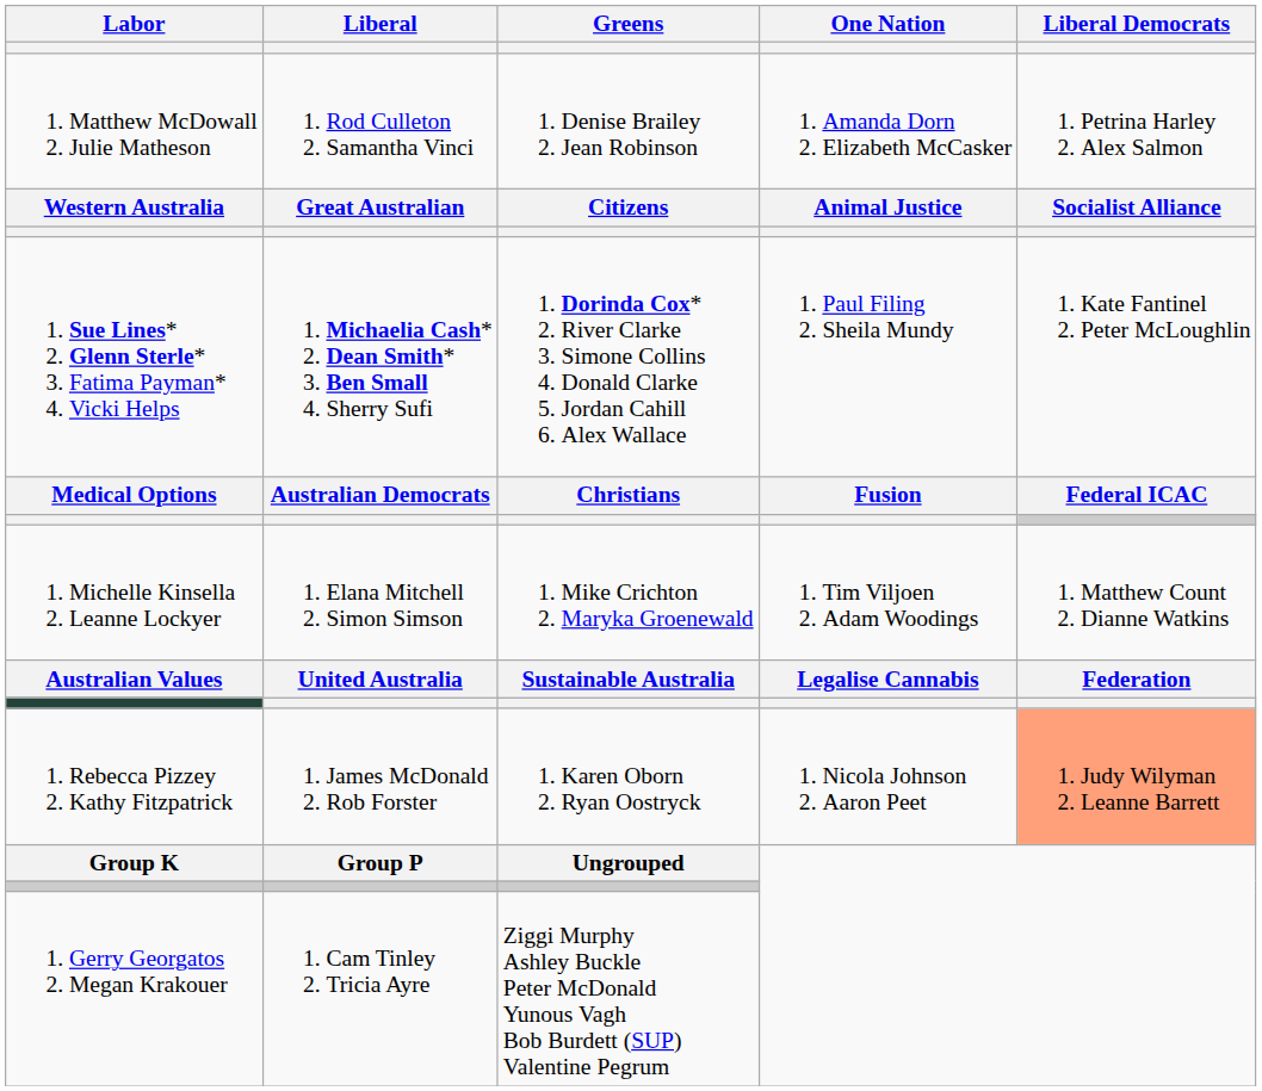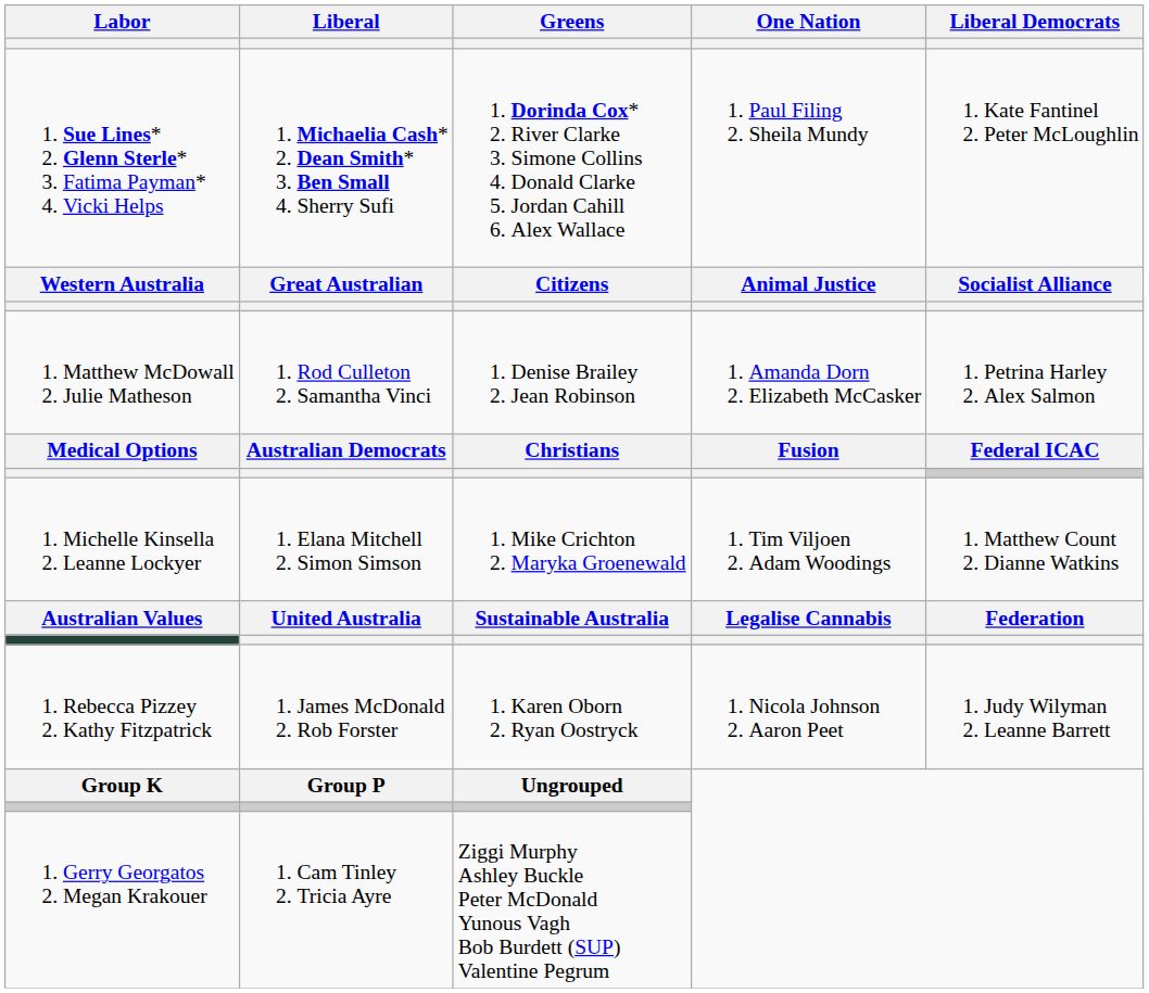 <table class=wikitable>
 <tr>
 <th><a href='#'>Labor</a></th>
 <th><a href='#'>Liberal</a></th>
 <th><a href='#'>Greens</a></th>
 <th><a href='#'>One Nation</a></th>
 <th><a href='#'>Liberal Democrats</a></th>
 </tr>
 <tr style=background:#ccc>
 <th></th>
 <th></th>
 <th></th>
 <th></th>
 <th></th>
 </tr>
 <tr>
-<td valign=top><br><ol><li>Matthew McDowall</li><li>Julie Matheson</li></ol></td>
-<td valign=top><br><ol><li><a href='#'>Rod Culleton</a></li><li>Samantha Vinci</li></ol></td>
-<td valign=top><br><ol><li>Denise Brailey</li><li>Jean Robinson</li></ol></td>
-<td valign=top><br><ol><li><a href='#'>Amanda Dorn</a></li><li>Elizabeth McCasker</li></ol></td>
-<td valign=top><br><ol><li>Petrina Harley</li><li>Alex Salmon</li></ol></td>
+<td><br><ol><li><strong><a href='#'>Sue Lines</a></strong>*</li><li><strong><a href='#'>Glenn Sterle</a></strong>*</li><li><a href='#'>Fatima Payman</a>*</li><li><a href='#'>Vicki Helps</a></li></ol></td>
+<td><br><ol><li><strong><a href='#'>Michaelia Cash</a></strong>*</li><li><strong><a href='#'>Dean Smith</a></strong>*</li><li><strong><a href='#'>Ben Small</a></strong></li><li>Sherry Sufi</li></ol></td>
+<td><br><ol><li><strong><a href='#'>Dorinda Cox</a></strong>*</li><li>River Clarke</li><li>Simone Collins</li><li>Donald Clarke</li><li>Jordan Cahill</li><li>Alex Wallace</li></ol></td>
+<td valign=top><br><ol><li><a href='#'>Paul Filing</a></li><li>Sheila Mundy</li></ol></td>
+<td valign=top><br><ol><li>Kate Fantinel</li><li>Peter McLoughlin</li></ol></td>
 </tr>
 <tr>
 <th><a href='#'>Western Australia</a></th>
 <th><a href='#'>Great Australian</a></th>
 <th><a href='#'>Citizens</a></th>
 <th><a href='#'>Animal Justice</a></th>
 <th><a href='#'>Socialist Alliance</a></th>
 </tr>
 <tr style=background:#ccc>
 <th></th>
 <th></th>
 <th></th>
 <th></th>
 <th></th>
 </tr>
 <tr>
-<td><br><ol><li><strong><a href='#'>Sue Lines</a></strong>*</li><li><strong><a href='#'>Glenn Sterle</a></strong>*</li><li><a href='#'>Fatima Payman</a>*</li><li><a href='#'>Vicki Helps</a></li></ol></td>
-<td><br><ol><li><strong><a href='#'>Michaelia Cash</a></strong>*</li><li><strong><a href='#'>Dean Smith</a></strong>*</li><li><strong><a href='#'>Ben Small</a></strong></li><li>Sherry Sufi</li></ol></td>
-<td><br><ol><li><strong><a href='#'>Dorinda Cox</a></strong>*</li><li>River Clarke</li><li>Simone Collins</li><li>Donald Clarke</li><li>Jordan Cahill</li><li>Alex Wallace</li></ol></td>
-<td valign=top><br><ol><li><a href='#'>Paul Filing</a></li><li>Sheila Mundy</li></ol></td>
-<td valign=top><br><ol><li>Kate Fantinel</li><li>Peter McLoughlin</li></ol></td>
+<td valign=top><br><ol><li>Matthew McDowall</li><li>Julie Matheson</li></ol></td>
+<td valign=top><br><ol><li><a href='#'>Rod Culleton</a></li><li>Samantha Vinci</li></ol></td>
+<td valign=top><br><ol><li>Denise Brailey</li><li>Jean Robinson</li></ol></td>
+<td valign=top><br><ol><li><a href='#'>Amanda Dorn</a></li><li>Elizabeth McCasker</li></ol></td>
+<td valign=top><br><ol><li>Petrina Harley</li><li>Alex Salmon</li></ol></td>
 </tr>
 <tr>
 <th><a href='#'>Medical Options</a></th>
 <th><a href='#'>Australian Democrats</a></th>
 <th><a href='#'>Christians</a></th>
 <th><a href='#'>Fusion</a></th>
 <th><a href='#'>Federal ICAC</a></th>
 </tr>
 <tr style=background:#ccc>
 <th></th>
 <th></th>
 <th></th>
 <th></th>
 <td></td>
 </tr>
 <tr>
 <td valign=top><br><ol><li>Michelle Kinsella</li><li>Leanne Lockyer</li></ol></td>
 <td valign=top><br><ol><li>Elana Mitchell</li><li>Simon Simson</li></ol></td>
 <td valign=top><br><ol><li>Mike Crichton</li><li><a href='#'>Maryka Groenewald</a></li></ol></td>
 <td valign=top><br><ol><li>Tim Viljoen</li><li>Adam Woodings</li></ol></td>
 <td valign=top><br><ol><li>Matthew Count</li><li>Dianne Watkins</li></ol></td>
 </tr>
 <tr>
 <th><a href='#'>Australian Values</a></th>
 <th><a href='#'>United Australia</a></th>
 <th><a href='#'>Sustainable Australia</a></th>
 <th><a href='#'>Legalise Cannabis</a></th>
 <th><a href='#'>Federation</a></th>
 </tr>
 <tr style=background:#ccc>
 <td style=background:#23423A></td>
 <th></th>
 <th></th>
 <th></th>
 <th></th>
 </tr>
 <tr>
 <td valign=top><br><ol><li>Rebecca Pizzey</li><li>Kathy Fitzpatrick</li></ol></td>
 <td valign=top><br><ol><li>James McDonald</li><li>Rob Forster</li></ol></td>
 <td valign=top><br><ol><li>Karen Oborn</li><li>Ryan Oostryck</li></ol></td>
 <td valign=top><br><ol><li>Nicola Johnson</li><li>Aaron Peet</li></ol></td>
-<td valign=top style="background: lightsalmon;"><br><ol><li>Judy Wilyman</li><li>Leanne Barrett</li></ol></td>
+<td valign=top><br><ol><li>Judy Wilyman</li><li>Leanne Barrett</li></ol></td>
 </tr>
 <tr>
 <th>Group K</th>
 <th>Group P</th>
 <th>Ungrouped</th>
 </tr>
 <tr style=background:#ccc>
 <td></td>
 <td></td>
 <td></td>
 </tr>
 <tr>
 <td valign=top><br><ol><li><a href='#'>Gerry Georgatos</a></li><li>Megan Krakouer</li></ol></td>
 <td valign=top><br><ol><li>Cam Tinley</li><li>Tricia Ayre</li></ol></td>
 <td valign=top><br>Ziggi Murphy<br> Ashley Buckle<br> Peter McDonald<br> Yunous Vagh<br> Bob Burdett (<a href='#'>SUP</a>)<br> Valentine Pegrum</td>
 </tr>
 </table>
